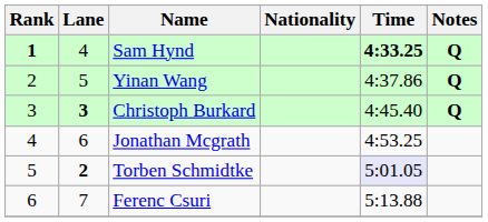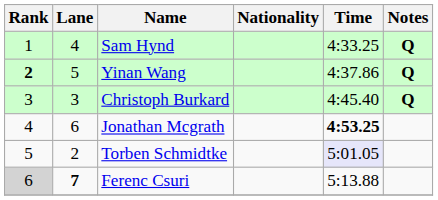 <table class="wikitable">
 <tr>
 <th>Rank</th>
 <th>Lane</th>
 <th>Name</th>
 <th>Nationality</th>
 <th>Time</th>
 <th>Notes</th>
 </tr>
 <tr bgcolor=ccffcc>
-<td align=center><strong>1</strong></td>
+<td align=center>1</td>
 <td align=center>4</td>
 <td><a href='#'>Sam Hynd</a></td>
 <td></td>
-<td align=center><strong>4:33.25</strong></td>
+<td align=center>4:33.25</td>
 <td align=center><strong>Q</strong></td>
 </tr>
 <tr bgcolor=ccffcc>
-<td align=center>2</td>
+<td align=center><strong>2</strong></td>
 <td align=center>5</td>
 <td><a href='#'>Yinan Wang</a></td>
 <td></td>
 <td align=center>4:37.86</td>
 <td align=center><strong>Q</strong></td>
 </tr>
 <tr bgcolor=ccffcc>
 <td align=center>3</td>
-<td align=center><strong>3</strong></td>
+<td align=center>3</td>
 <td><a href='#'>Christoph Burkard</a></td>
 <td></td>
 <td align=center>4:45.40</td>
 <td align=center><strong>Q</strong></td>
 </tr>
 <tr>
 <td align=center>4</td>
 <td align=center>6</td>
 <td><a href='#'>Jonathan Mcgrath</a></td>
 <td></td>
-<td align=center>4:53.25</td>
+<td align=center><strong>4:53.25</strong></td>
 <td align=center></td>
 </tr>
 <tr>
 <td align=center>5</td>
-<td align=center><strong>2</strong></td>
+<td align=center>2</td>
 <td><a href='#'>Torben Schmidtke</a></td>
 <td></td>
 <td align=center style="background: lavender;">5:01.05</td>
 <td align=center></td>
 </tr>
 <tr>
-<td align=center>6</td>
-<td align=center>7</td>
+<td align=center style="background: lightgrey;">6</td>
+<td align=center><strong>7</strong></td>
 <td><a href='#'>Ferenc Csuri</a></td>
 <td></td>
 <td align=center>5:13.88</td>
 <td align=center></td>
 </tr>
 <tr>
 </tr>
 </table>
